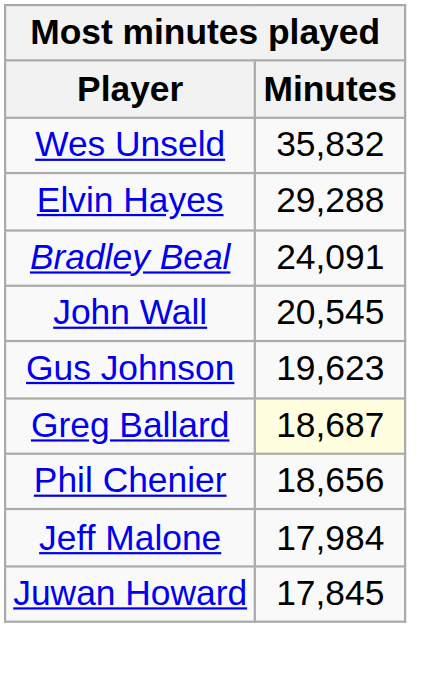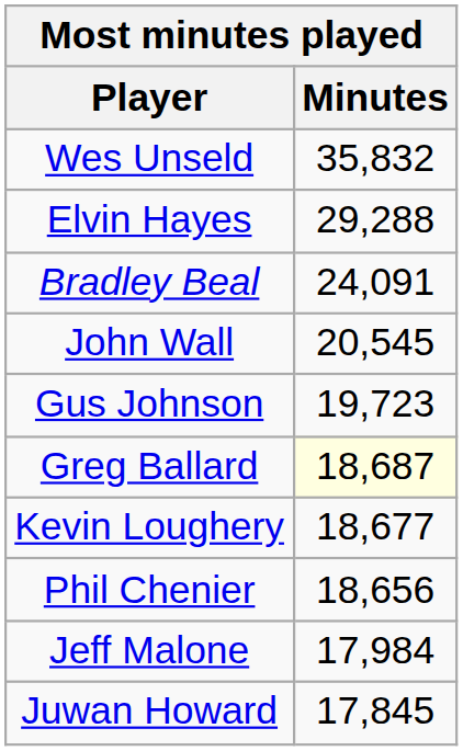 <table class="wikitable sortable" style="text-align:center">
 <tr>
 <th colspan="2" style="text-align:center; ">Most minutes played</th>
 </tr>
 <tr>
 <th style="text-align:center; ">Player</th>
 <th style="text-align:center; ">Minutes</th>
 </tr>
 <tr>
 <td><a href='#'>Wes Unseld</a></td>
 <td>35,832</td>
 </tr>
 <tr>
 <td><a href='#'>Elvin Hayes</a></td>
 <td>29,288</td>
 </tr>
 <tr>
 <td><em><a href='#'>Bradley Beal</a></em></td>
 <td>24,091</td>
 </tr>
 <tr>
 <td><a href='#'>John Wall</a></td>
 <td>20,545</td>
 </tr>
 <tr>
 <td><a href='#'>Gus Johnson</a></td>
-<td>19,623</td>
+<td>19,723</td>
 </tr>
 <tr>
 <td><a href='#'>Greg Ballard</a></td>
 <td style="background: lightyellow;">18,687</td>
+</tr>
+<tr>
+<td><a href='#'>Kevin Loughery</a></td>
+<td>18,677</td>
 </tr>
 <tr>
 <td><a href='#'>Phil Chenier</a></td>
 <td>18,656</td>
 </tr>
 <tr>
 <td><a href='#'>Jeff Malone</a></td>
 <td>17,984</td>
 </tr>
 <tr>
 <td><a href='#'>Juwan Howard</a></td>
 <td>17,845</td>
 </tr>
 </table>
